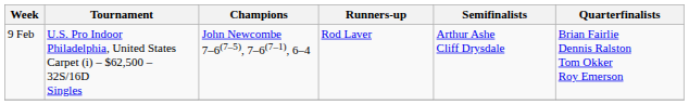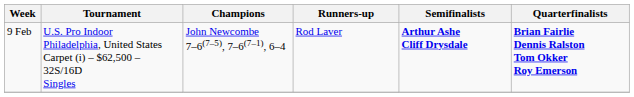 <table class=wikitable style=font-size:95%>
 <tr>
 <th style="width:48px;">Week</th>
 <th style="width:260px;">Tournament</th>
 <th style="width:190px;">Champions</th>
 <th style="width:190px;">Runners-up</th>
 <th style="width:190px;">Semifinalists</th>
 <th style="width:190px;">Quarterfinalists</th>
 </tr>
 <tr valign=top>
 <td>9 Feb</td>
 <td><a href='#'>U.S. Pro Indoor</a><br> <a href='#'>Philadelphia</a>, United States<br>Carpet (i) – $62,500 – 32S/16D <br> <a href='#'>Singles</a></td>
 <td> <a href='#'>John Newcombe</a><br>7–6<sup>(7–5)</sup>, 7–6<sup>(7–1)</sup>, 6–4</td>
 <td> <a href='#'>Rod Laver</a></td>
-<td> <a href='#'>Arthur Ashe</a><br> <a href='#'>Cliff Drysdale</a></td>
-<td> <a href='#'>Brian Fairlie</a><br> <a href='#'>Dennis Ralston</a><br> <a href='#'>Tom Okker</a><br> <a href='#'>Roy Emerson</a></td>
+<td><strong> <a href='#'>Arthur Ashe</a><br> <a href='#'>Cliff Drysdale</a></strong></td>
+<td><strong> <a href='#'>Brian Fairlie</a><br> <a href='#'>Dennis Ralston</a><br> <a href='#'>Tom Okker</a><br> <a href='#'>Roy Emerson</a></strong></td>
 </tr>
 <tr valign=top>
 </tr>
 </table>
